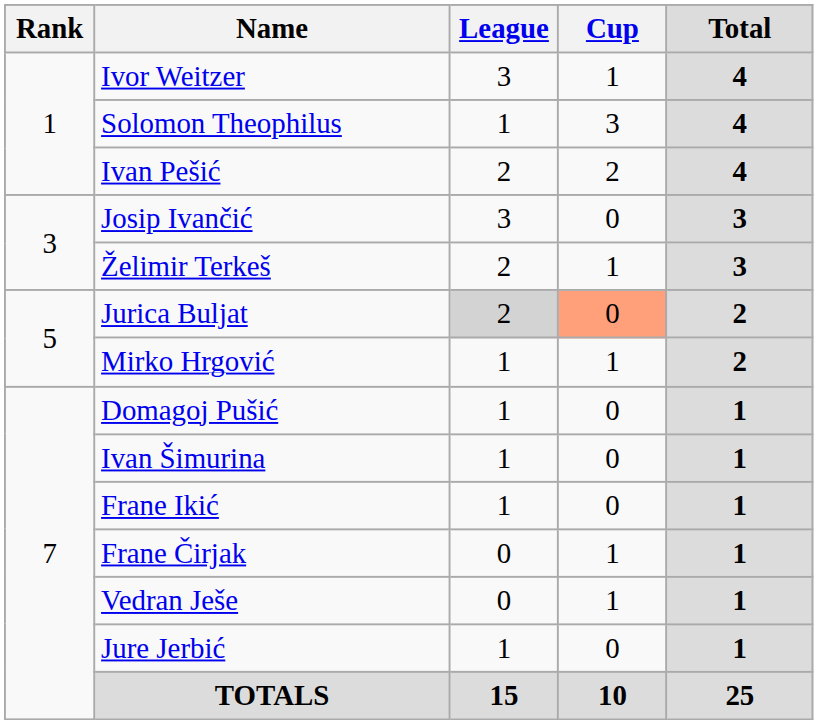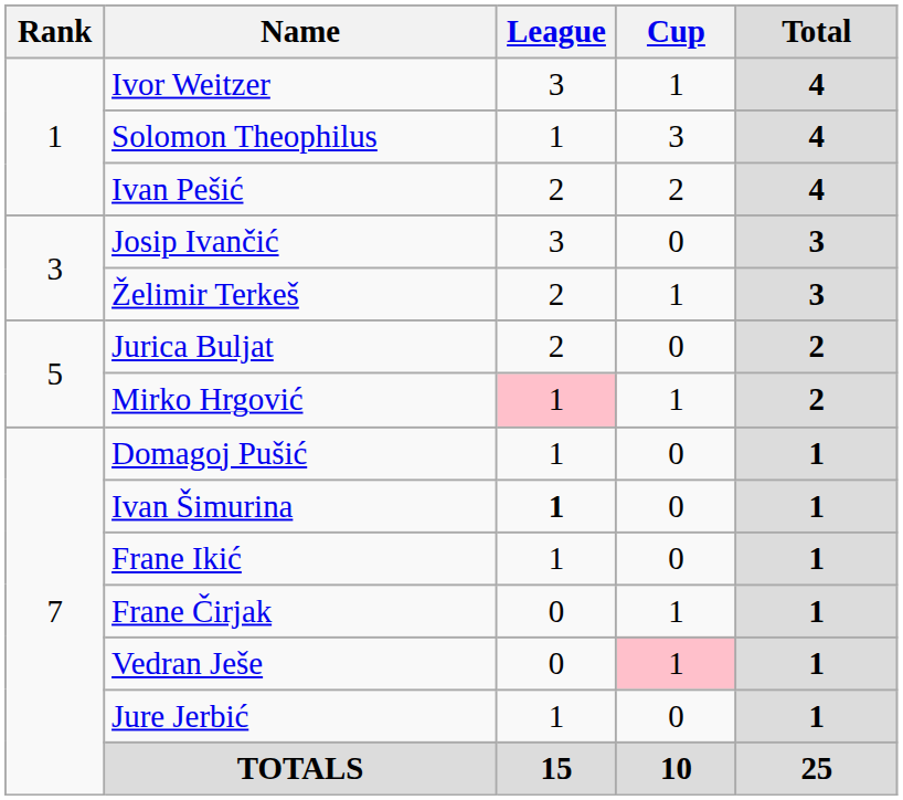 <table class="wikitable" style="font-size:95%; text-align:center;">
 <tr>
 <th width=40>Rank</th>
 <th width=180>Name</th>
 <th width=50><a href='#'>League</a></th>
 <th width=50><a href='#'>Cup</a></th>
 <th style="width:70px; background:#dcdcdc;">Total</th>
 </tr>
 <tr>
 <td rowspan=3>1</td>
 <td style="text-align:left;"> <a href='#'>Ivor Weitzer</a></td>
 <td>3</td>
 <td>1</td>
 <th style="background: #DCDCDC">4</th>
 </tr>
 <tr>
 <td style="text-align:left;"> <a href='#'>Solomon Theophilus</a></td>
 <td>1</td>
 <td>3</td>
 <th style="background: #DCDCDC">4</th>
 </tr>
 <tr>
 <td style="text-align:left;"> <a href='#'>Ivan Pešić</a></td>
 <td>2</td>
 <td>2</td>
 <th style="background: #DCDCDC">4</th>
 </tr>
 <tr>
 <td rowspan=2>3</td>
 <td style="text-align:left;"> <a href='#'>Josip Ivančić</a></td>
 <td>3</td>
 <td>0</td>
 <th style="background: #DCDCDC">3</th>
 </tr>
 <tr>
 <td style="text-align:left;"> <a href='#'>Želimir Terkeš</a></td>
 <td>2</td>
 <td>1</td>
 <th style="background: #DCDCDC">3</th>
 </tr>
 <tr>
 <td rowspan=2>5</td>
 <td style="text-align:left;"> <a href='#'>Jurica Buljat</a></td>
-<td style="background: lightgrey;">2</td>
-<td style="background: lightsalmon;">0</td>
+<td>2</td>
+<td>0</td>
 <th style="background: #DCDCDC">2</th>
 </tr>
 <tr>
 <td style="text-align:left;"> <a href='#'>Mirko Hrgović</a></td>
-<td>1</td>
+<td style="background: pink;">1</td>
 <td>1</td>
 <th style="background: #DCDCDC">2</th>
 </tr>
 <tr>
 <td rowspan=8>7</td>
 <td style="text-align:left;"> <a href='#'>Domagoj Pušić</a></td>
 <td>1</td>
 <td>0</td>
 <th style="background: #DCDCDC">1</th>
 </tr>
 <tr>
 <td style="text-align:left;"> <a href='#'>Ivan Šimurina</a></td>
-<td>1</td>
+<td><strong>1</strong></td>
 <td>0</td>
 <th style="background: #DCDCDC">1</th>
 </tr>
 <tr>
 <td style="text-align:left;"> <a href='#'>Frane Ikić</a></td>
 <td>1</td>
 <td>0</td>
 <th style="background: #DCDCDC">1</th>
 </tr>
 <tr>
 <td style="text-align:left;"> <a href='#'>Frane Čirjak</a></td>
 <td>0</td>
 <td>1</td>
 <th style="background: #DCDCDC">1</th>
 </tr>
 <tr>
 <td style="text-align:left;"> <a href='#'>Vedran Ješe</a></td>
 <td>0</td>
-<td>1</td>
+<td style="background: pink;">1</td>
 <th style="background: #DCDCDC">1</th>
 </tr>
 <tr>
 <td style="text-align:left;"> <a href='#'>Jure Jerbić</a></td>
 <td>1</td>
 <td>0</td>
 <th style="background: #DCDCDC">1</th>
 </tr>
 <tr>
 <th style="background: #DCDCDC">TOTALS</th>
 <th style="background: #DCDCDC">15</th>
 <th style="background: #DCDCDC">10</th>
 <th style="background: #DCDCDC">25</th>
 </tr>
 </table>
